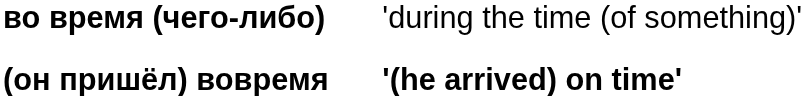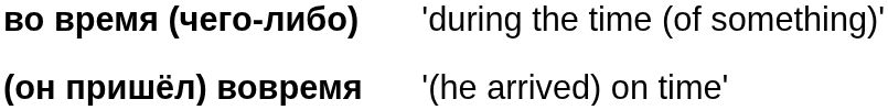 <table align=center cellpadding=6>
 <tr>
 <td><strong>во время (чего-либо)</strong></td>
 <td></td>
 <td>'during the time (of something)'</td>
 </tr>
 <tr>
 <td><strong>(он пришёл) вовремя</strong></td>
 <td></td>
-<td><strong>'(he arrived) on time'</strong></td>
+<td>'(he arrived) on time'</td>
 </tr>
 </table>
